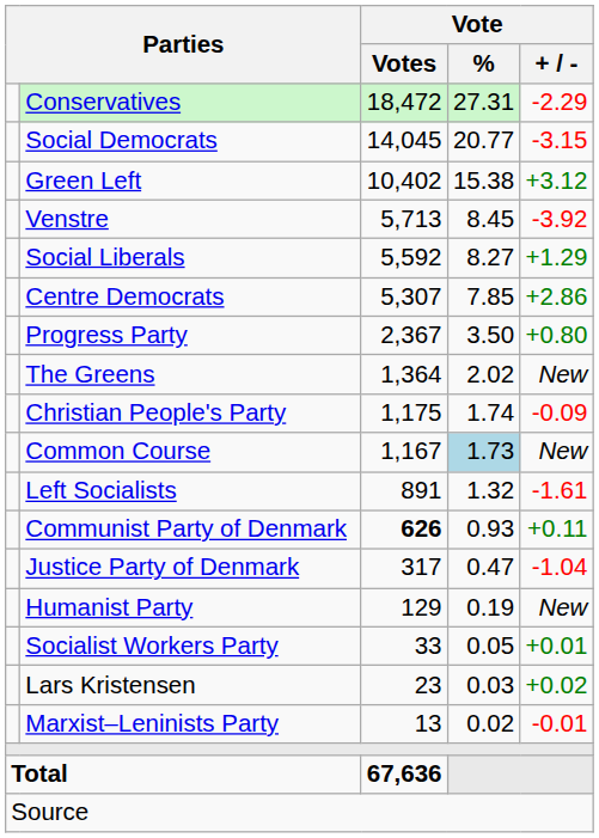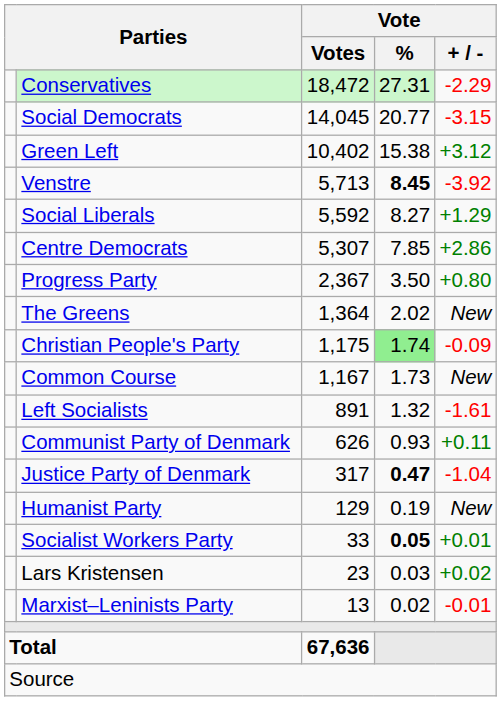 <table class="wikitable" style="text-align:right;">
 <tr>
 <th style="text-align:centre;" rowspan="2" colspan="2" width="225">Parties</th>
 <th colspan="3">Vote</th>
 </tr>
 <tr>
 <th width="15">Votes</th>
 <th width="15">%</th>
 <th width="15">+ / -</th>
 </tr>
 <tr>
 <td width="2" style="color:inherit;background:"></td>
 <td bgcolor=#ccf7cc  align="left"><a href='#'>Conservatives</a></td>
 <td bgcolor=#ccf7cc>18,472</td>
 <td bgcolor=#ccf7cc>27.31</td>
 <td style=color:red;>-2.29</td>
 </tr>
 <tr>
 <td width="2" style="color:inherit;background:"></td>
 <td align="left"><a href='#'>Social Democrats</a></td>
 <td>14,045</td>
 <td>20.77</td>
 <td style=color:red;>-3.15</td>
 </tr>
 <tr>
 <td width="2" style="color:inherit;background:"></td>
 <td align="left"><a href='#'>Green Left</a></td>
 <td>10,402</td>
 <td>15.38</td>
 <td style=color:green;>+3.12</td>
 </tr>
 <tr>
 <td width="2" style="color:inherit;background:"></td>
 <td align="left"><a href='#'>Venstre</a></td>
 <td>5,713</td>
-<td>8.45</td>
+<td><strong>8.45</strong></td>
 <td style=color:red;>-3.92</td>
 </tr>
 <tr>
 <td width="2" style="color:inherit;background:"></td>
 <td align="left"><a href='#'>Social Liberals</a></td>
 <td>5,592</td>
 <td>8.27</td>
 <td style=color:green;>+1.29</td>
 </tr>
 <tr>
 <td width="2" style="color:inherit;background:"></td>
 <td align="left"><a href='#'>Centre Democrats</a></td>
 <td>5,307</td>
 <td>7.85</td>
 <td style=color:green;>+2.86</td>
 </tr>
 <tr>
 <td width="2" style="color:inherit;background:"></td>
 <td align="left"><a href='#'>Progress Party</a></td>
 <td>2,367</td>
 <td>3.50</td>
 <td style=color:green;>+0.80</td>
 </tr>
 <tr>
 <td width="2" style="color:inherit;background:"></td>
 <td align="left"><a href='#'>The Greens</a></td>
 <td>1,364</td>
 <td>2.02</td>
 <td><em>New</em></td>
 </tr>
 <tr>
 <td width="2" style="color:inherit;background:"></td>
 <td align="left"><a href='#'>Christian People's Party</a></td>
 <td>1,175</td>
-<td>1.74</td>
+<td style="background: lightgreen;">1.74</td>
 <td style=color:red;>-0.09</td>
 </tr>
 <tr>
 <td width="2" style="color:inherit;background:"></td>
 <td align="left"><a href='#'>Common Course</a></td>
 <td>1,167</td>
-<td style="background: lightblue;">1.73</td>
+<td>1.73</td>
 <td><em>New</em></td>
 </tr>
 <tr>
 <td width="2" style="color:inherit;background:"></td>
 <td align="left"><a href='#'>Left Socialists</a></td>
 <td>891</td>
 <td>1.32</td>
 <td style=color:red;>-1.61</td>
 </tr>
 <tr>
 <td width="2" style="color:inherit;background:"></td>
 <td align="left"><a href='#'>Communist Party of Denmark</a></td>
-<td><strong>626</strong></td>
+<td>626</td>
 <td>0.93</td>
 <td style=color:green;>+0.11</td>
 </tr>
 <tr>
 <td width="2" style="color:inherit;background:"></td>
 <td align="left"><a href='#'>Justice Party of Denmark</a></td>
 <td>317</td>
-<td>0.47</td>
+<td><strong>0.47</strong></td>
 <td style=color:red;>-1.04</td>
 </tr>
 <tr>
 <td width="2" style="color:inherit;background:"></td>
 <td align="left"><a href='#'>Humanist Party</a></td>
 <td>129</td>
 <td>0.19</td>
 <td><em>New</em></td>
 </tr>
 <tr>
 <td width="2" style="color:inherit;background:"></td>
 <td align="left"><a href='#'>Socialist Workers Party</a></td>
 <td>33</td>
-<td>0.05</td>
+<td><strong>0.05</strong></td>
 <td style=color:green;>+0.01</td>
 </tr>
 <tr>
 <td width="2" style="color:inherit;background:"></td>
 <td align="left">Lars Kristensen</td>
 <td>23</td>
 <td>0.03</td>
 <td style=color:green;>+0.02</td>
 </tr>
 <tr>
 <td width="2" style="color:inherit;background:"></td>
 <td align="left"><a href='#'>Marxist–Leninists Party</a></td>
 <td>13</td>
 <td>0.02</td>
 <td style=color:red;>-0.01</td>
 </tr>
 <tr>
 <td colspan="7" bgcolor="#E9E9E9"></td>
 </tr>
 <tr>
 <td align="left" colspan="2"><strong>Total</strong></td>
 <td><strong>67,636</strong></td>
 <td bgcolor="#E9E9E9" colspan="2"></td>
 </tr>
 <tr>
 <td align="left" colspan="6">Source</td>
 </tr>
 </table>
